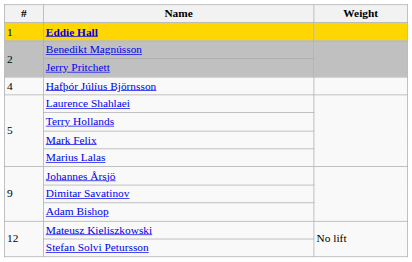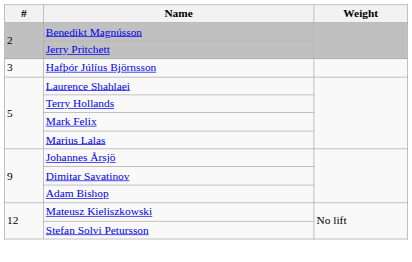 <table class="wikitable" style="display: inline-table;width: 45%;">
 <tr>
 <th>#</th>
 <th>Name</th>
 <th>Weight</th>
-</tr>
-<tr style="background:gold;">
-<td>1</td>
-<td> <strong><a href='#'>Eddie Hall</a></strong></td>
-<td></td>
 </tr>
 <tr style="background:silver;">
 <td rowspan="2">2</td>
 <td> <a href='#'>Benedikt Magnússon</a></td>
 <td rowspan="2"></td>
 </tr>
 <tr style="background:silver;">
 <td> <a href='#'>Jerry Pritchett</a></td>
 </tr>
 <tr>
-<td>4</td>
+<td>3</td>
 <td> <a href='#'>Hafþór Júlíus Björnsson</a></td>
 <td></td>
 </tr>
 <tr>
 <td rowspan="4">5</td>
 <td> <a href='#'>Laurence Shahlaei</a></td>
 <td rowspan="4"></td>
 </tr>
 <tr>
 <td> <a href='#'>Terry Hollands</a></td>
 </tr>
 <tr>
 <td> <a href='#'>Mark Felix</a></td>
 </tr>
 <tr>
 <td> <a href='#'>Marius Lalas</a></td>
 </tr>
 <tr>
 <td rowspan="3">9</td>
 <td> <a href='#'>Johannes Årsjö</a></td>
 <td rowspan="3"></td>
 </tr>
 <tr>
 <td> <a href='#'>Dimitar Savatinov</a></td>
 </tr>
 <tr>
 <td> <a href='#'>Adam Bishop</a></td>
 </tr>
 <tr>
 <td rowspan="2">12</td>
 <td> <a href='#'>Mateusz Kieliszkowski</a></td>
 <td rowspan="2">No lift</td>
 </tr>
 <tr>
 <td> <a href='#'>Stefan Solvi Petursson</a></td>
 </tr>
 </table>
